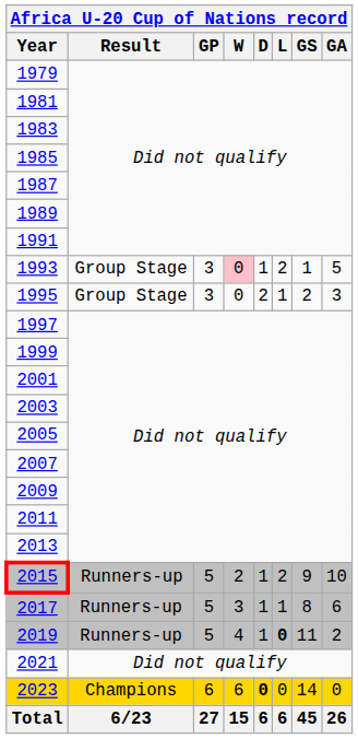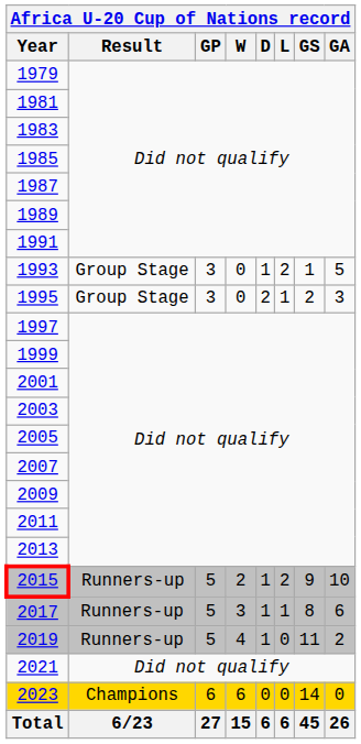 <table class="wikitable" style="text-align: center;">
 <tr>
 <th colspan=8><a href='#'>Africa U-20 Cup of Nations record</a></th>
 </tr>
 <tr>
 <th>Year</th>
 <th>Result</th>
 <th>GP</th>
 <th>W</th>
 <th>D</th>
 <th>L</th>
 <th>GS</th>
 <th>GA</th>
 </tr>
 <tr>
 <td> <a href='#'>1979</a></td>
 <td colspan=7 rowspan=7><em>Did not qualify</em></td>
 </tr>
 <tr>
 <td> <a href='#'>1981</a></td>
 </tr>
 <tr>
 <td> <a href='#'>1983</a></td>
 </tr>
 <tr>
 <td> <a href='#'>1985</a></td>
 </tr>
 <tr>
 <td> <a href='#'>1987</a></td>
 </tr>
 <tr>
 <td> <a href='#'>1989</a></td>
 </tr>
 <tr>
 <td> <a href='#'>1991</a></td>
 </tr>
 <tr>
 <td> <a href='#'>1993</a></td>
 <td>Group Stage</td>
 <td>3</td>
-<td style="background: pink;">0</td>
+<td>0</td>
 <td>1</td>
 <td>2</td>
 <td>1</td>
 <td>5</td>
 </tr>
 <tr>
 <td> <a href='#'>1995</a></td>
 <td>Group Stage</td>
 <td>3</td>
 <td>0</td>
 <td>2</td>
 <td>1</td>
 <td>2</td>
 <td>3</td>
 </tr>
 <tr>
 <td> <a href='#'>1997</a></td>
 <td colspan=7 rowspan=9><em>Did not qualify</em></td>
 </tr>
 <tr>
 <td> <a href='#'>1999</a></td>
 </tr>
 <tr>
 <td> <a href='#'>2001</a></td>
 </tr>
 <tr>
 <td> <a href='#'>2003</a></td>
 </tr>
 <tr>
 <td> <a href='#'>2005</a></td>
 </tr>
 <tr>
 <td> <a href='#'>2007</a></td>
 </tr>
 <tr>
 <td> <a href='#'>2009</a></td>
 </tr>
 <tr>
 <td> <a href='#'>2011</a></td>
 </tr>
 <tr>
 <td> <a href='#'>2013</a></td>
 </tr>
 <tr bgcolor=silver>
 <td style="border: 3px solid red"> <a href='#'>2015</a></td>
 <td>Runners-up</td>
 <td>5</td>
 <td>2</td>
 <td>1</td>
 <td>2</td>
 <td>9</td>
 <td>10</td>
 </tr>
 <tr bgcolor=silver>
 <td> <a href='#'>2017</a></td>
 <td>Runners-up</td>
 <td>5</td>
 <td>3</td>
 <td>1</td>
 <td>1</td>
 <td>8</td>
 <td>6</td>
 </tr>
 <tr bgcolor=silver>
 <td> <a href='#'>2019</a></td>
 <td>Runners-up</td>
 <td>5</td>
 <td>4</td>
 <td>1</td>
-<td><strong>0</strong></td>
+<td>0</td>
 <td>11</td>
 <td>2</td>
 </tr>
 <tr>
 <td> <a href='#'>2021</a></td>
 <td colspan=7 rowspan=1><em>Did not qualify</em></td>
 </tr>
 <tr bgcolor="gold">
 <td> <a href='#'>2023</a></td>
 <td>Champions</td>
 <td>6</td>
 <td>6</td>
-<td><strong>0</strong></td>
+<td>0</td>
 <td>0</td>
 <td>14</td>
 <td>0</td>
 </tr>
 <tr>
 <th><strong>Total</strong></th>
 <th>6/23</th>
 <th>27</th>
 <th>15</th>
 <th>6</th>
 <th>6</th>
 <th><strong>45</strong></th>
 <th>26</th>
 </tr>
 </table>
